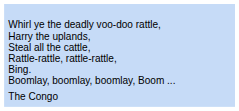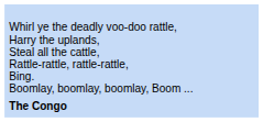 <table class="toccolours" style="float: right; margin-left: 1em; margin-right: 1em; font-size: 85%; background:#c6dbf7; color:black; width:23em; max-width: 25%;" cellspacing="5">
 <tr>
 <td style="text-align: left;"><br>Whirl ye the deadly voo-doo rattle, <br> Harry the uplands, <br> Steal all the cattle, <br> Rattle-rattle, rattle-rattle, <br> Bing. <br> Boomlay, boomlay, boomlay, Boom ... <br></td>
 </tr>
 <tr>
-<td style="text-align: left;">The Congo</td>
+<td style="text-align: left;"><strong>The Congo</strong></td>
 </tr>
 </table>
